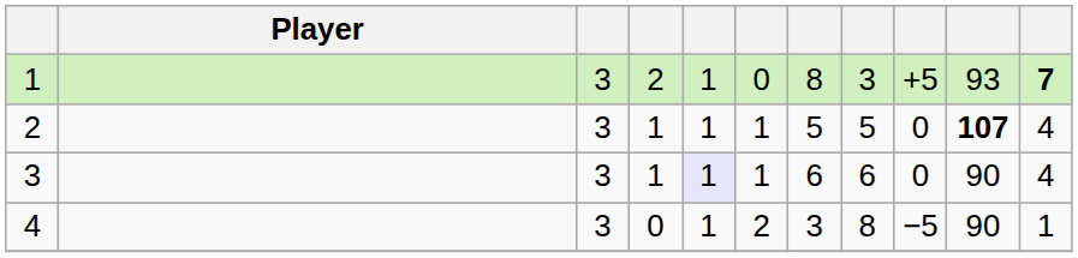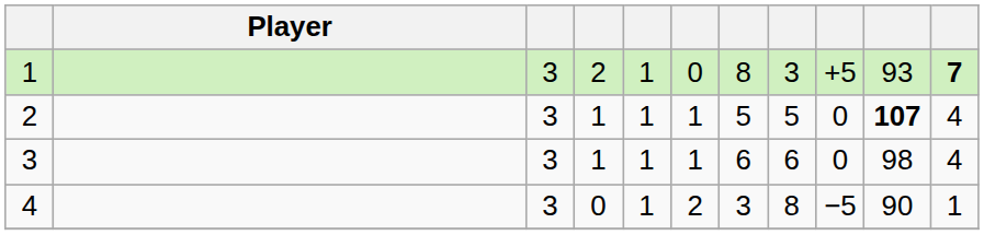 <table class="wikitable" style="text-align:center;">
 <tr>
 <th width=20></th>
 <th width=260>Player</th>
 <th width=20></th>
 <th width=20></th>
 <th width=20></th>
 <th width=20></th>
 <th width=20></th>
 <th width=20></th>
 <th width=20></th>
 <th width=30></th>
 <th width=20></th>
 </tr>
 <tr style="background:#D0F0C0;">
 <td>1</td>
 <td align=left> <small></small></td>
 <td>3</td>
 <td>2</td>
 <td>1</td>
 <td>0</td>
 <td>8</td>
 <td>3</td>
 <td>+5</td>
 <td>93</td>
 <td><strong>7</strong></td>
 </tr>
 <tr>
 <td>2</td>
 <td align=left> <small></small></td>
 <td>3</td>
 <td>1</td>
 <td>1</td>
 <td>1</td>
 <td>5</td>
 <td>5</td>
 <td>0</td>
 <td><strong>107</strong></td>
 <td>4</td>
 </tr>
 <tr>
 <td>3</td>
 <td align=left> <small></small></td>
 <td>3</td>
 <td>1</td>
-<td style="background: lavender;">1</td>
+<td>1</td>
 <td>1</td>
 <td>6</td>
 <td>6</td>
 <td>0</td>
-<td>90</td>
+<td>98</td>
 <td>4</td>
 </tr>
 <tr>
 <td>4</td>
 <td align=left> <small></small></td>
 <td>3</td>
 <td>0</td>
 <td>1</td>
 <td>2</td>
 <td>3</td>
 <td>8</td>
 <td>−5</td>
 <td>90</td>
 <td>1</td>
 </tr>
 <tr>
 </tr>
 </table>
